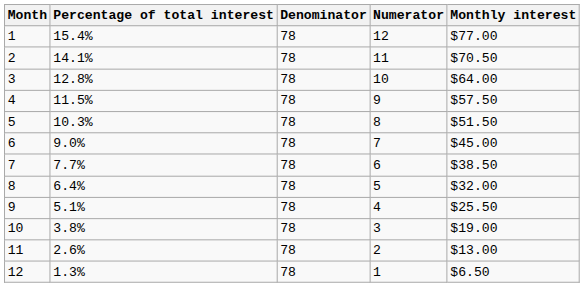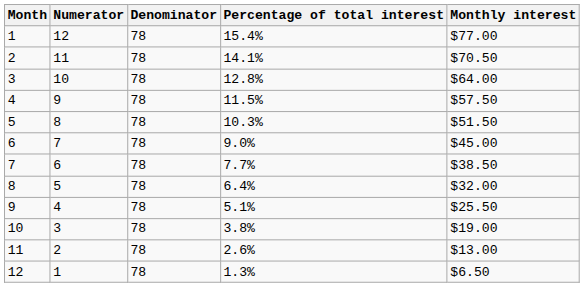 <table class="wikitable">
 <tr>
 <th>Month</th>
+<th>Numerator</th>
+<th>Denominator</th>
 <th>Percentage of total interest</th>
-<th>Denominator</th>
-<th>Numerator</th>
 <th>Monthly interest</th>
 </tr>
 <tr>
 <td>1</td>
+<td>12</td>
+<td>78</td>
 <td>15.4%</td>
-<td>78</td>
-<td>12</td>
 <td>$77.00</td>
 </tr>
 <tr>
 <td>2</td>
+<td>11</td>
+<td>78</td>
 <td>14.1%</td>
-<td>78</td>
-<td>11</td>
 <td>$70.50</td>
 </tr>
 <tr>
 <td>3</td>
+<td>10</td>
+<td>78</td>
 <td>12.8%</td>
-<td>78</td>
-<td>10</td>
 <td>$64.00</td>
 </tr>
 <tr>
 <td>4</td>
+<td>9</td>
+<td>78</td>
 <td>11.5%</td>
-<td>78</td>
-<td>9</td>
 <td>$57.50</td>
 </tr>
 <tr>
 <td>5</td>
+<td>8</td>
+<td>78</td>
 <td>10.3%</td>
-<td>78</td>
-<td>8</td>
 <td>$51.50</td>
 </tr>
 <tr>
 <td>6</td>
+<td>7</td>
+<td>78</td>
 <td>9.0%</td>
-<td>78</td>
-<td>7</td>
 <td>$45.00</td>
 </tr>
 <tr>
 <td>7</td>
+<td>6</td>
+<td>78</td>
 <td>7.7%</td>
-<td>78</td>
-<td>6</td>
 <td>$38.50</td>
 </tr>
 <tr>
 <td>8</td>
+<td>5</td>
+<td>78</td>
 <td>6.4%</td>
-<td>78</td>
-<td>5</td>
 <td>$32.00</td>
 </tr>
 <tr>
 <td>9</td>
+<td>4</td>
+<td>78</td>
 <td>5.1%</td>
-<td>78</td>
-<td>4</td>
 <td>$25.50</td>
 </tr>
 <tr>
 <td>10</td>
+<td>3</td>
+<td>78</td>
 <td>3.8%</td>
-<td>78</td>
-<td>3</td>
 <td>$19.00</td>
 </tr>
 <tr>
 <td>11</td>
+<td>2</td>
+<td>78</td>
 <td>2.6%</td>
-<td>78</td>
-<td>2</td>
 <td>$13.00</td>
 </tr>
 <tr>
 <td>12</td>
+<td>1</td>
+<td>78</td>
 <td>1.3%</td>
-<td>78</td>
-<td>1</td>
 <td>$6.50</td>
 </tr>
 </table>
